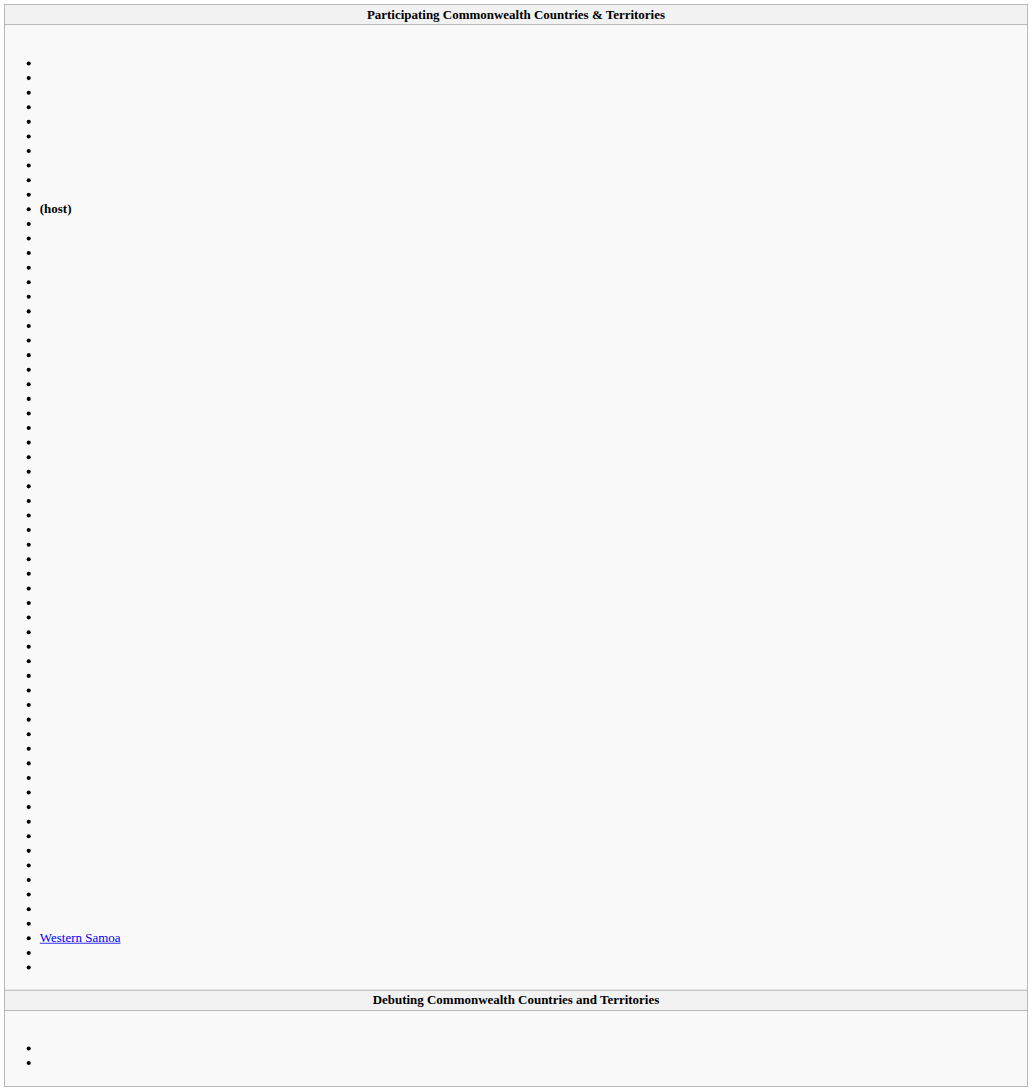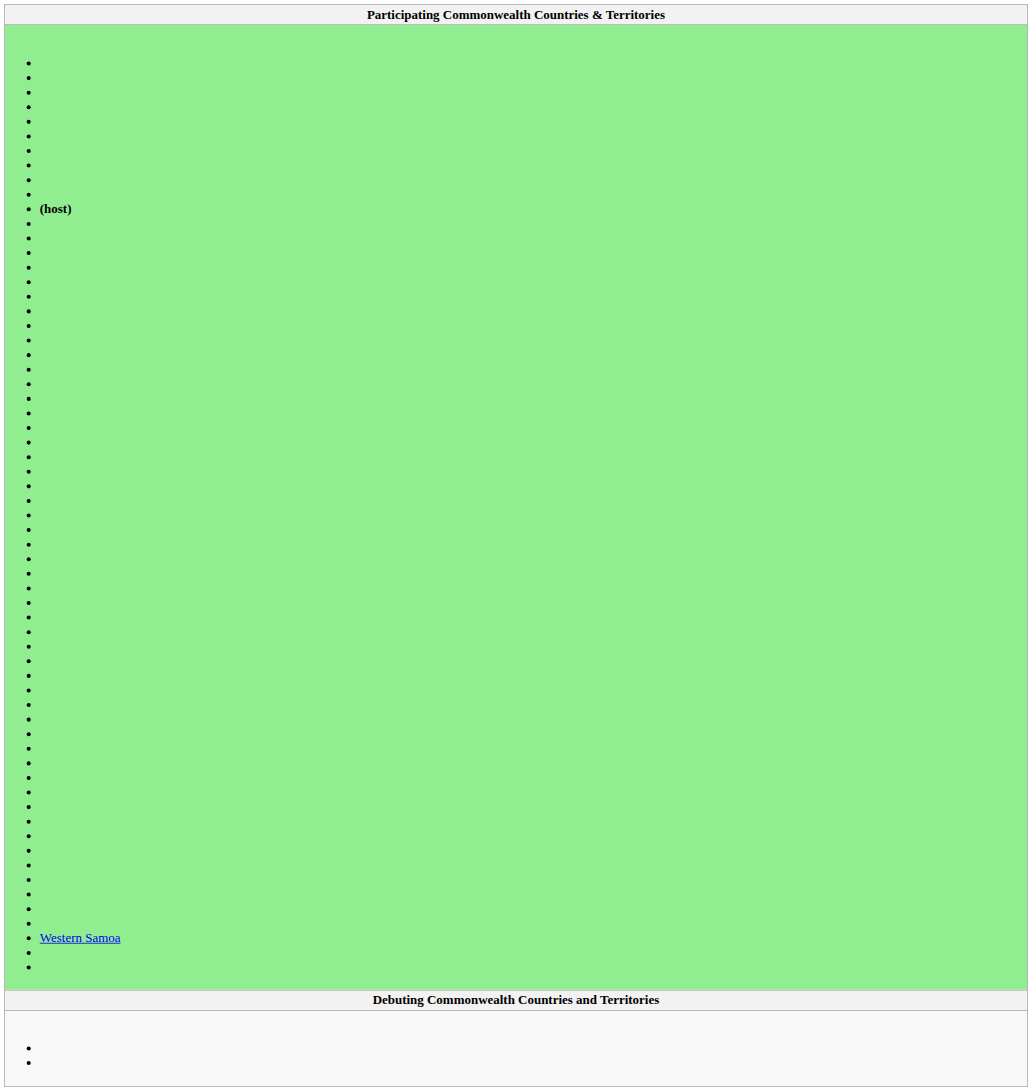 <table class="wikitable collapsible" style="width:100%;">
 <tr>
 <th>Participating Commonwealth Countries & Territories</th>
 </tr>
 <tr>
-<td><br><ul><li></li><li></li><li></li><li></li><li></li><li></li><li></li><li></li><li></li><li></li><li> <strong>(host)</strong></li><li></li><li></li><li></li><li></li><li></li><li></li><li></li><li></li><li></li><li></li><li></li><li></li><li></li><li></li><li></li><li></li><li></li><li></li><li></li><li></li><li></li><li></li><li></li><li></li><li></li><li></li><li></li><li></li><li></li><li></li><li></li><li></li><li></li><li></li><li></li><li></li><li></li><li></li><li></li><li></li><li></li><li></li><li></li><li></li><li></li><li></li><li></li><li></li><li></li><li> <a href='#'>Western Samoa</a></li><li></li><li></li></ul></td>
+<td style="background: lightgreen;"><br><ul><li></li><li></li><li></li><li></li><li></li><li></li><li></li><li></li><li></li><li></li><li> <strong>(host)</strong></li><li></li><li></li><li></li><li></li><li></li><li></li><li></li><li></li><li></li><li></li><li></li><li></li><li></li><li></li><li></li><li></li><li></li><li></li><li></li><li></li><li></li><li></li><li></li><li></li><li></li><li></li><li></li><li></li><li></li><li></li><li></li><li></li><li></li><li></li><li></li><li></li><li></li><li></li><li></li><li></li><li></li><li></li><li></li><li></li><li></li><li></li><li></li><li></li><li></li><li> <a href='#'>Western Samoa</a></li><li></li><li></li></ul></td>
 </tr>
 <tr>
 <th>Debuting Commonwealth Countries and Territories</th>
 </tr>
 <tr>
 <td valign="top"><br><ul><li></li><li></li></ul></td>
 </tr>
 </table>
